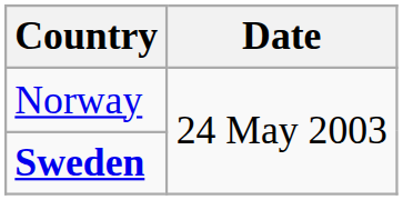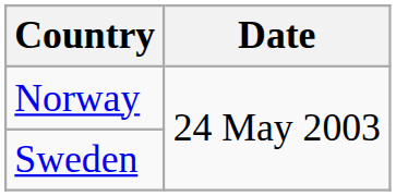 <table class="wikitable">
 <tr>
 <th>Country</th>
 <th>Date</th>
 </tr>
 <tr>
 <td><a href='#'>Norway</a></td>
 <td rowspan="2">24 May 2003</td>
 </tr>
 <tr>
-<td><strong><a href='#'>Sweden</a></strong></td>
+<td><a href='#'>Sweden</a></td>
 </tr>
 </table>
